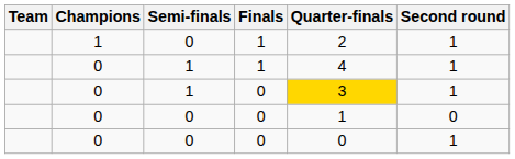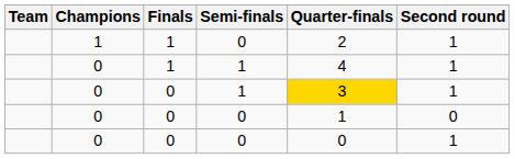 <table class="wikitable sortable" style="text-align:center">
 <tr>
 <th>Team</th>
 <th>Champions</th>
+<th>Finals</th>
 <th>Semi-finals</th>
-<th>Finals</th>
 <th>Quarter-finals</th>
 <th>Second round</th>
 </tr>
 <tr>
 <td align=left></td>
 <td>1</td>
+<td>1</td>
 <td>0</td>
-<td>1</td>
 <td>2</td>
 <td>1</td>
 </tr>
 <tr>
 <td align=left></td>
 <td>0</td>
 <td>1</td>
 <td>1</td>
 <td>4</td>
 <td>1</td>
 </tr>
 <tr>
 <td align=left></td>
 <td>0</td>
+<td>0</td>
 <td>1</td>
-<td>0</td>
 <td style="background: gold;">3</td>
 <td>1</td>
 </tr>
 <tr>
 <td align=left></td>
 <td>0</td>
 <td>0</td>
 <td>0</td>
 <td>1</td>
 <td>0</td>
 </tr>
 <tr>
 <td align=left></td>
 <td>0</td>
 <td>0</td>
 <td>0</td>
 <td>0</td>
 <td>1</td>
 </tr>
 </table>
